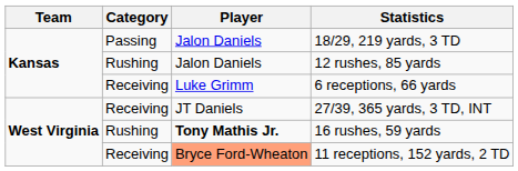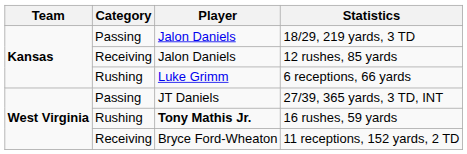 <table class="wikitable" style="float: right;">
 <tr>
 <th>Team</th>
 <th>Category</th>
 <th>Player</th>
 <th>Statistics</th>
 </tr>
 <tr>
 <td rowspan=3><strong>Kansas</strong></td>
 <td>Passing</td>
 <td><a href='#'>Jalon Daniels</a></td>
 <td>18/29, 219 yards, 3 TD</td>
 </tr>
 <tr>
-<td>Rushing</td>
+<td>Receiving</td>
 <td>Jalon Daniels</td>
 <td>12 rushes, 85 yards</td>
 </tr>
 <tr>
-<td>Receiving</td>
+<td>Rushing</td>
 <td><a href='#'>Luke Grimm</a></td>
 <td>6 receptions, 66 yards</td>
 </tr>
 <tr>
 <td rowspan=3><strong>West Virginia</strong></td>
-<td>Receiving</td>
+<td>Passing</td>
 <td>JT Daniels</td>
 <td>27/39, 365 yards, 3 TD, INT</td>
 </tr>
 <tr>
 <td>Rushing</td>
 <td><strong>Tony Mathis Jr.</strong></td>
 <td>16 rushes, 59 yards</td>
 </tr>
 <tr>
 <td>Receiving</td>
-<td style="background: lightsalmon;">Bryce Ford-Wheaton</td>
+<td>Bryce Ford-Wheaton</td>
 <td>11 receptions, 152 yards, 2 TD</td>
 </tr>
 </table>
